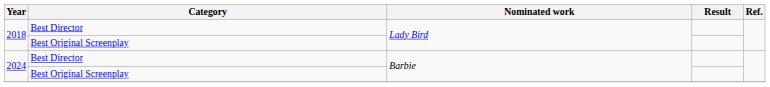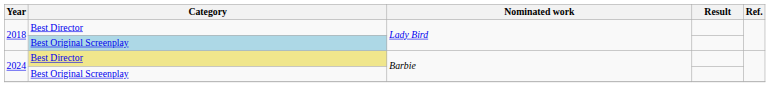 <table class=wikitable>
 <tr>
 <th scope="col" style="width:1em;">Year</th>
 <th scope="col" style="width:39em;">Category</th>
 <th scope="col" style="width:33em;">Nominated work</th>
 <th scope="col" style="width:5em;">Result</th>
 <th scope="col" style="width:1em;">Ref.</th>
 </tr>
 <tr>
 <td rowspan="2"><a href='#'>2018</a></td>
 <td><a href='#'>Best Director</a></td>
 <td rowspan="2"><em><a href='#'>Lady Bird</a></em></td>
 <td></td>
 <td style="text-align:center;" rowspan="2"></td>
 </tr>
 <tr>
-<td><a href='#'>Best Original Screenplay</a></td>
+<td style="background: lightblue;"><a href='#'>Best Original Screenplay</a></td>
 <td></td>
 </tr>
 <tr>
 <td rowspan="2"><a href='#'>2024</a></td>
-<td><a href='#'>Best Director</a></td>
+<td style="background: khaki;"><a href='#'>Best Director</a></td>
 <td rowspan="2"><em>Barbie</em></td>
 <td></td>
 <td style="text-align:center;" rowspan="2"></td>
 </tr>
 <tr>
 <td><a href='#'>Best Original Screenplay</a></td>
 <td></td>
 </tr>
 <tr>
 </tr>
 </table>
